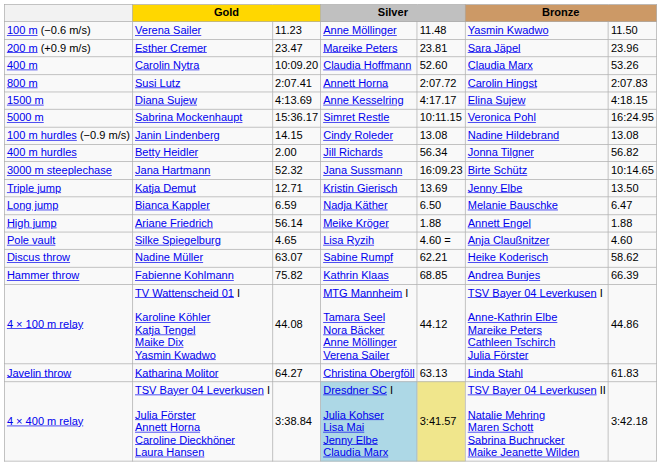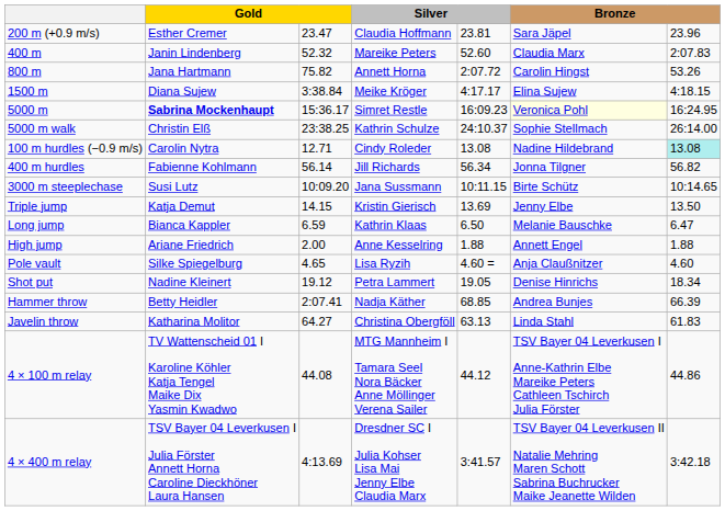 <table class="wikitable">
 <tr>
 <th></th>
 <th style="background:gold;" colspan=2>Gold</th>
 <th style="background:silver;" colspan=2>Silver</th>
 <th style="background:#CC9966;" colspan=2>Bronze</th>
 </tr>
 <tr>
-<td><a href='#'>100 m</a> (−0.6 m/s)</td>
-<td><a href='#'>Verena Sailer</a></td>
-<td>11.23 </td>
-<td><a href='#'>Anne Möllinger</a></td>
-<td>11.48</td>
-<td><a href='#'>Yasmin Kwadwo</a></td>
-<td>11.50</td>
-</tr>
-<tr>
 <td><a href='#'>200 m</a> (+0.9 m/s)</td>
 <td><a href='#'>Esther Cremer</a></td>
 <td>23.47</td>
-<td><a href='#'>Mareike Peters</a></td>
+<td><a href='#'>Claudia Hoffmann</a></td>
 <td>23.81</td>
 <td><a href='#'>Sara Jäpel</a></td>
 <td>23.96</td>
 </tr>
 <tr>
 <td><a href='#'>400 m</a></td>
-<td><a href='#'>Carolin Nytra</a></td>
-<td>10:09.20</td>
-<td><a href='#'>Claudia Hoffmann</a></td>
+<td><a href='#'>Janin Lindenberg</a></td>
+<td>52.32 </td>
+<td><a href='#'>Mareike Peters</a></td>
 <td>52.60</td>
 <td><a href='#'>Claudia Marx</a></td>
-<td>53.26 </td>
+<td>2:07.83 </td>
 </tr>
 <tr>
 <td><a href='#'>800 m</a></td>
-<td><a href='#'>Susi Lutz</a></td>
-<td>2:07.41</td>
+<td><a href='#'>Jana Hartmann</a></td>
+<td>75.82 </td>
 <td><a href='#'>Annett Horna</a></td>
 <td>2:07.72</td>
 <td><a href='#'>Carolin Hingst</a></td>
-<td>2:07.83 </td>
+<td>53.26 </td>
 </tr>
 <tr>
 <td><a href='#'>1500 m</a></td>
 <td><a href='#'>Diana Sujew</a></td>
-<td>4:13.69 </td>
-<td><a href='#'>Anne Kesselring</a></td>
+<td>3:38.84</td>
+<td><a href='#'>Meike Kröger</a></td>
 <td>4:17.17</td>
 <td><a href='#'>Elina Sujew</a></td>
 <td>4:18.15</td>
 </tr>
 <tr>
 <td><a href='#'>5000 m</a></td>
-<td><a href='#'>Sabrina Mockenhaupt</a></td>
+<td><strong><a href='#'>Sabrina Mockenhaupt</a></strong></td>
 <td>15:36.17</td>
 <td><a href='#'>Simret Restle</a></td>
-<td>10:11.15 </td>
-<td><a href='#'>Veronica Pohl</a></td>
+<td>16:09.23</td>
+<td style="background: lightyellow;"><a href='#'>Veronica Pohl</a></td>
 <td>16:24.95</td>
 </tr>
 <tr>
+<td><a href='#'>5000 m walk</a></td>
+<td><a href='#'>Christin Elß</a></td>
+<td>23:38.25</td>
+<td><a href='#'>Kathrin Schulze</a></td>
+<td>24:10.37 </td>
+<td><a href='#'>Sophie Stellmach</a></td>
+<td>26:14.00</td>
+</tr>
+<tr>
 <td><a href='#'>100 m hurdles</a> (−0.9 m/s)</td>
-<td><a href='#'>Janin Lindenberg</a></td>
-<td>14.15</td>
+<td><a href='#'>Carolin Nytra</a></td>
+<td>12.71 </td>
 <td><a href='#'>Cindy Roleder</a></td>
 <td>13.08</td>
 <td><a href='#'>Nadine Hildebrand</a></td>
-<td>13.08</td>
+<td style="background: paleturquoise;">13.08</td>
 </tr>
 <tr>
 <td><a href='#'>400 m hurdles</a></td>
-<td><a href='#'>Betty Heidler</a></td>
-<td>2.00</td>
+<td><a href='#'>Fabienne Kohlmann</a></td>
+<td>56.14</td>
 <td><a href='#'>Jill Richards</a></td>
 <td>56.34 </td>
 <td><a href='#'>Jonna Tilgner</a></td>
 <td>56.82 </td>
 </tr>
 <tr>
 <td><a href='#'>3000 m steeplechase</a></td>
-<td><a href='#'>Jana Hartmann</a></td>
-<td>52.32 </td>
+<td><a href='#'>Susi Lutz</a></td>
+<td>10:09.20</td>
 <td><a href='#'>Jana Sussmann</a></td>
-<td>16:09.23</td>
+<td>10:11.15 </td>
 <td><a href='#'>Birte Schütz</a></td>
 <td>10:14.65</td>
 </tr>
 <tr>
 <td><a href='#'>Triple jump</a></td>
 <td><a href='#'>Katja Demut</a></td>
-<td>12.71 </td>
+<td>14.15</td>
 <td><a href='#'>Kristin Gierisch</a></td>
 <td>13.69</td>
 <td><a href='#'>Jenny Elbe</a></td>
 <td>13.50</td>
 </tr>
 <tr>
 <td><a href='#'>Long jump</a></td>
 <td><a href='#'>Bianca Kappler</a></td>
 <td>6.59</td>
-<td><a href='#'>Nadja Käther</a></td>
+<td><a href='#'>Kathrin Klaas</a></td>
 <td>6.50</td>
 <td><a href='#'>Melanie Bauschke</a></td>
 <td>6.47</td>
 </tr>
 <tr>
 <td><a href='#'>High jump</a></td>
 <td><a href='#'>Ariane Friedrich</a></td>
-<td>56.14</td>
-<td><a href='#'>Meike Kröger</a></td>
+<td>2.00</td>
+<td><a href='#'>Anne Kesselring</a></td>
 <td>1.88 </td>
 <td><a href='#'>Annett Engel</a></td>
 <td>1.88 </td>
 </tr>
 <tr>
 <td><a href='#'>Pole vault</a></td>
 <td><a href='#'>Silke Spiegelburg</a></td>
 <td>4.65</td>
 <td><a href='#'>Lisa Ryzih</a></td>
 <td>4.60 =</td>
 <td><a href='#'>Anja Claußnitzer</a></td>
 <td>4.60</td>
 </tr>
 <tr>
-<td><a href='#'>Discus throw</a></td>
-<td><a href='#'>Nadine Müller</a></td>
-<td>63.07</td>
-<td><a href='#'>Sabine Rumpf</a></td>
-<td>62.21 </td>
-<td><a href='#'>Heike Koderisch</a></td>
-<td>58.62 </td>
+<td><a href='#'>Shot put</a></td>
+<td><a href='#'>Nadine Kleinert</a></td>
+<td>19.12</td>
+<td><a href='#'>Petra Lammert</a></td>
+<td>19.05</td>
+<td><a href='#'>Denise Hinrichs</a></td>
+<td>18.34</td>
 </tr>
 <tr>
 <td><a href='#'>Hammer throw</a></td>
-<td><a href='#'>Fabienne Kohlmann</a></td>
-<td>75.82 </td>
-<td><a href='#'>Kathrin Klaas</a></td>
+<td><a href='#'>Betty Heidler</a></td>
+<td>2:07.41</td>
+<td><a href='#'>Nadja Käther</a></td>
 <td>68.85</td>
 <td><a href='#'>Andrea Bunjes</a></td>
 <td>66.39</td>
+</tr>
+<tr>
+<td><a href='#'>Javelin throw</a></td>
+<td><a href='#'>Katharina Molitor</a></td>
+<td>64.27</td>
+<td><a href='#'>Christina Obergföll</a></td>
+<td>63.13</td>
+<td><a href='#'>Linda Stahl</a></td>
+<td>61.83</td>
 </tr>
 <tr>
 <td><a href='#'>4 × 100 m relay</a></td>
 <td><a href='#'>TV Wattenscheid 01</a> I <br><br><a href='#'>Karoline Köhler</a> <br> <a href='#'>Katja Tengel</a> <br> <a href='#'>Maike Dix</a> <br> <a href='#'>Yasmin Kwadwo</a></td>
 <td>44.08</td>
 <td><a href='#'>MTG Mannheim</a> I <br><br><a href='#'>Tamara Seel</a> <br> <a href='#'>Nora Bäcker</a> <br> <a href='#'>Anne Möllinger</a> <br> <a href='#'>Verena Sailer</a></td>
 <td>44.12 </td>
 <td><a href='#'>TSV Bayer 04 Leverkusen</a> I <br><br><a href='#'>Anne-Kathrin Elbe</a> <br> <a href='#'>Mareike Peters</a> <br> <a href='#'>Cathleen Tschirch</a> <br> <a href='#'>Julia Förster</a></td>
 <td>44.86</td>
 </tr>
 <tr>
-<td><a href='#'>Javelin throw</a></td>
-<td><a href='#'>Katharina Molitor</a></td>
-<td>64.27</td>
-<td><a href='#'>Christina Obergföll</a></td>
-<td>63.13</td>
-<td><a href='#'>Linda Stahl</a></td>
-<td>61.83</td>
-</tr>
-<tr>
 <td><a href='#'>4 × 400 m relay</a></td>
 <td><a href='#'>TSV Bayer 04 Leverkusen</a> I <br><br><a href='#'>Julia Förster</a> <br> <a href='#'>Annett Horna</a> <br> <a href='#'>Caroline Dieckhöner</a> <br> <a href='#'>Laura Hansen</a></td>
-<td>3:38.84</td>
-<td style="background: lightblue;"><a href='#'>Dresdner SC</a> I <br><br><a href='#'>Julia Kohser</a> <br> <a href='#'>Lisa Mai</a> <br> <a href='#'>Jenny Elbe</a> <br> <a href='#'>Claudia Marx</a></td>
-<td style="background: khaki;">3:41.57 </td>
+<td>4:13.69 </td>
+<td><a href='#'>Dresdner SC</a> I <br><br><a href='#'>Julia Kohser</a> <br> <a href='#'>Lisa Mai</a> <br> <a href='#'>Jenny Elbe</a> <br> <a href='#'>Claudia Marx</a></td>
+<td>3:41.57 </td>
 <td><a href='#'>TSV Bayer 04 Leverkusen</a> II <br><br><a href='#'>Natalie Mehring</a> <br> <a href='#'>Maren Schott</a> <br> <a href='#'>Sabrina Buchrucker</a> <br> <a href='#'>Maike Jeanette Wilden</a></td>
 <td>3:42.18</td>
 </tr>
 </table>
